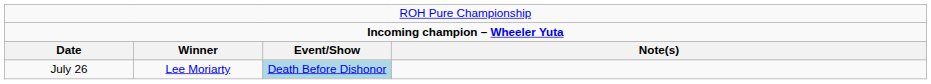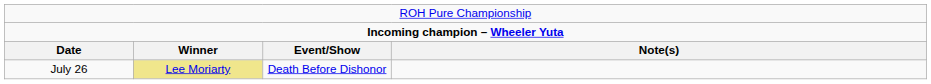 <table class="wikitable" style="text-align:center; width:100%;">
 <tr>
 <td colspan="4" style="text-align: center;"><a href='#'>ROH Pure Championship</a></td>
 </tr>
 <tr>
 <td colspan="4" style="text-align: center;"><strong>Incoming champion – <a href='#'>Wheeler Yuta</a></strong></td>
 </tr>
 <tr>
 <th width=14%>Date</th>
 <th width=14%>Winner</th>
 <th width=14%>Event/Show</th>
 <th width=58%>Note(s)</th>
 </tr>
 <tr>
 <td>July 26</td>
-<td><a href='#'>Lee Moriarty</a></td>
-<td style="background: lightblue;"><a href='#'>Death Before Dishonor</a></td>
+<td style="background: khaki;"><a href='#'>Lee Moriarty</a></td>
+<td><a href='#'>Death Before Dishonor</a></td>
 <td></td>
 </tr>
 </table>
